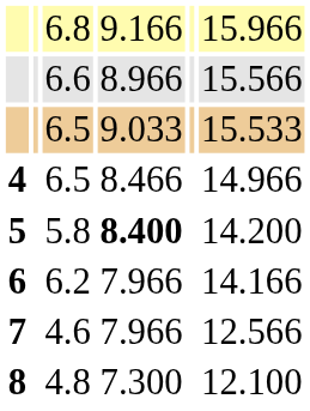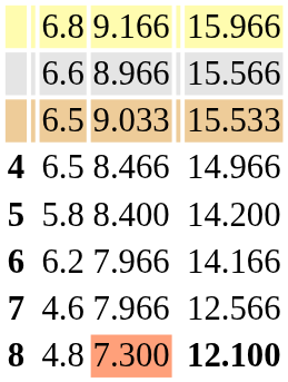 <table>
 <tr style="background: #fffcaf">
 <th scope=row style="text-align:center"></th>
 <td align=left></td>
 <td>6.8</td>
 <td>9.166</td>
 <td></td>
 <td>15.966</td>
 </tr>
 <tr style="background: #e5e5e5">
 <th scope=row style="text-align:center"></th>
 <td align=left></td>
 <td>6.6</td>
 <td>8.966</td>
 <td></td>
 <td>15.566</td>
 </tr>
 <tr style="background: #eecc99">
 <th scope=row style="text-align:center"></th>
 <td align=left></td>
 <td>6.5</td>
 <td>9.033</td>
 <td></td>
 <td>15.533</td>
 </tr>
 <tr>
 <th scope=row style="text-align:center">4</th>
 <td align=left></td>
 <td>6.5</td>
 <td>8.466</td>
 <td></td>
 <td>14.966</td>
 </tr>
 <tr>
 <th scope=row style="text-align:center">5</th>
 <td align=left></td>
 <td>5.8</td>
-<td><strong>8.400</strong></td>
+<td>8.400</td>
 <td></td>
 <td>14.200</td>
 </tr>
 <tr>
 <th scope=row style="text-align:center">6</th>
 <td align=left></td>
 <td>6.2</td>
 <td>7.966</td>
 <td></td>
 <td>14.166</td>
 </tr>
 <tr>
 <th scope=row style="text-align:center">7</th>
 <td align=left></td>
 <td>4.6</td>
 <td>7.966</td>
 <td></td>
 <td>12.566</td>
 </tr>
 <tr>
 <th scope=row style="text-align:center">8</th>
 <td align=left></td>
 <td>4.8</td>
-<td>7.300</td>
+<td style="background: lightsalmon;">7.300</td>
 <td></td>
-<td>12.100</td>
+<td><strong>12.100</strong></td>
 </tr>
 <tr>
 </tr>
 </table>
